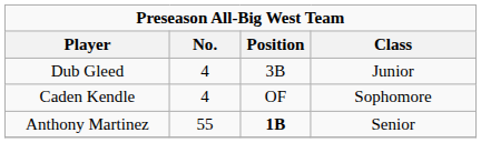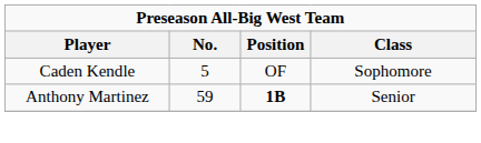 <table class="wikitable" style="text-align:center">
 <tr>
 <td colspan="4"><strong>Preseason All-Big West Team</strong></td>
 </tr>
 <tr>
 <th style="width:150px; ">Player</th>
 <th style="width:60px; ">No.</th>
 <th style="width:60px; ">Position</th>
 <th style="width:150px; ">Class</th>
 </tr>
 <tr>
-<td>Dub Gleed</td>
-<td>4</td>
-<td>3B</td>
-<td>Junior</td>
-</tr>
-<tr>
 <td>Caden Kendle</td>
-<td>4</td>
+<td>5</td>
 <td>OF</td>
 <td>Sophomore</td>
 </tr>
 <tr>
 <td>Anthony Martinez</td>
-<td>55</td>
+<td>59</td>
 <td><strong>1B</strong></td>
 <td>Senior</td>
 </tr>
 <tr>
 </tr>
 </table>
